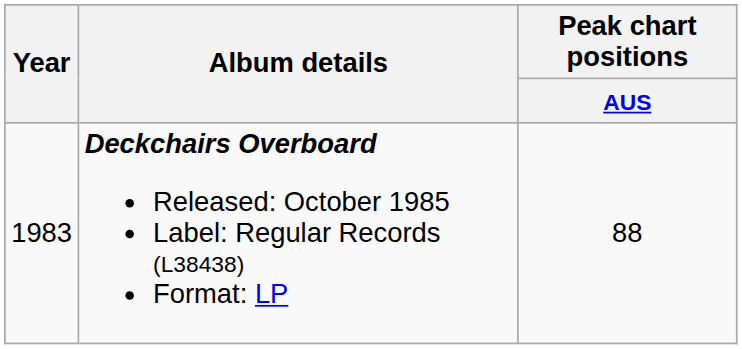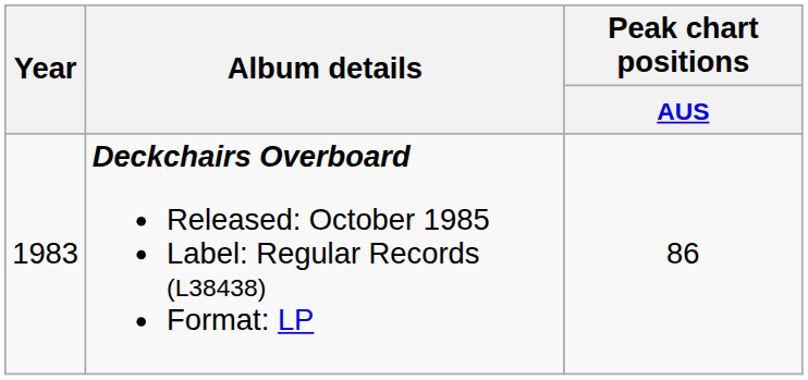 <table class="wikitable" border="1">
 <tr>
 <th rowspan="2" width="35px">Year</th>
 <th rowspan="2" width="250px">Album details</th>
 <th colspan="1" width="120px">Peak chart positions</th>
 </tr>
 <tr>
 <th width="30px"><small><a href='#'>AUS</a><br></small></th>
 </tr>
 <tr>
 <td>1983</td>
 <td><strong><em>Deckchairs Overboard</em></strong><br><ul><li>Released: October 1985</li><li>Label:  Regular Records <small>(L38438)</small></li><li>Format: <a href='#'>LP</a></li></ul></td>
-<td style="text-align:center;">88</td>
+<td style="text-align:center;">86</td>
 </tr>
 </table>
